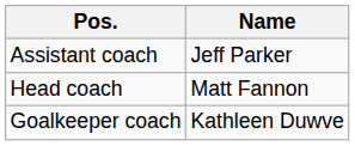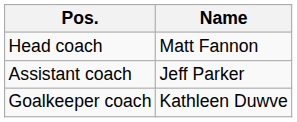 <table class="wikitable" style="text-align: ">
 <tr>
 <th>Pos.</th>
 <th>Name</th>
 </tr>
 <tr>
+<td>Head coach</td>
+<td>Matt Fannon</td>
+</tr>
+<tr>
 <td>Assistant coach</td>
 <td>Jeff Parker</td>
-</tr>
-<tr>
-<td>Head coach</td>
-<td>Matt Fannon</td>
 </tr>
 <tr>
 <td>Goalkeeper coach</td>
 <td>Kathleen Duwve</td>
 </tr>
 </table>
